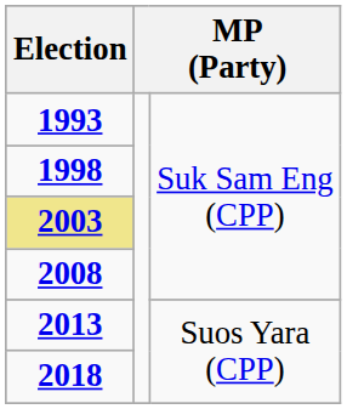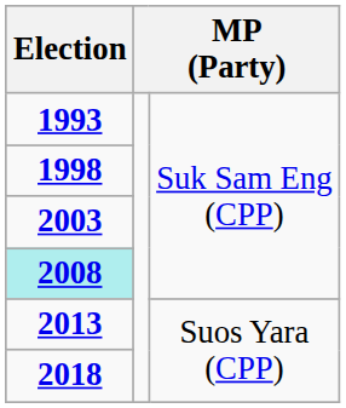 <table class="wikitable" style="text-align:center">
 <tr>
 <th>Election</th>
 <th colspan=2>MP<br>(Party)</th>
 </tr>
 <tr>
 <td><strong><a href='#'>1993</a></strong></td>
 <td rowspan=6; style="background-color: "></td>
 <td rowspan=4><a href='#'>Suk Sam Eng</a><br>(<a href='#'>CPP</a>)</td>
 </tr>
 <tr>
 <td><strong><a href='#'>1998</a></strong></td>
 </tr>
 <tr>
-<td style="background: khaki;"><strong><a href='#'>2003</a></strong></td>
+<td><strong><a href='#'>2003</a></strong></td>
 </tr>
 <tr>
-<td><strong><a href='#'>2008</a></strong></td>
+<td style="background: paleturquoise;"><strong><a href='#'>2008</a></strong></td>
 </tr>
 <tr>
 <td><strong><a href='#'>2013</a></strong></td>
 <td rowspan=2>Suos Yara<br>(<a href='#'>CPP</a>)</td>
 </tr>
 <tr>
 <td><strong><a href='#'>2018</a></strong></td>
 </tr>
 </table>
